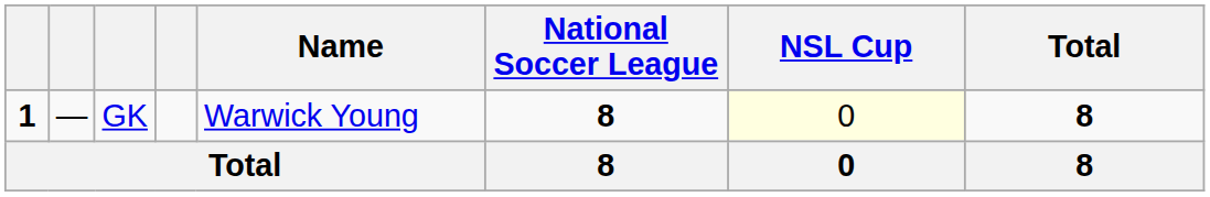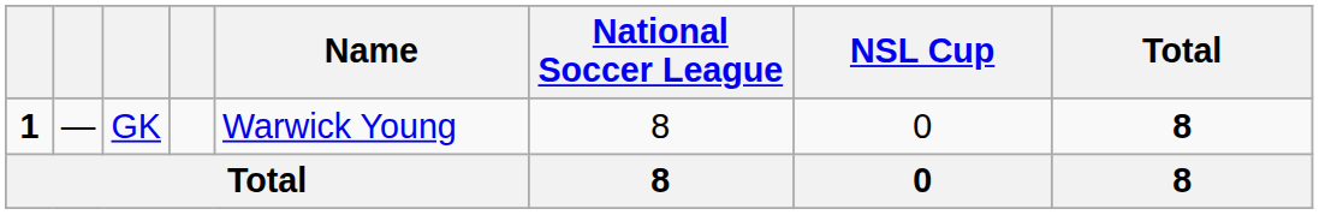 <table class="wikitable" style="text-align:center">
 <tr>
 <th width=15></th>
 <th width=15></th>
 <th width=15></th>
 <th width=15></th>
 <th width=145>Name</th>
 <th width=120><a href='#'>National Soccer League</a></th>
 <th width=120><a href='#'>NSL Cup</a></th>
 <th width=120>Total</th>
 </tr>
 <tr>
 <td><strong>1</strong></td>
 <td>—</td>
 <td><a href='#'>GK</a></td>
 <td></td>
 <td align=left><a href='#'>Warwick Young</a></td>
-<td><strong>8</strong></td>
-<td style="background: lightyellow;">0</td>
+<td>8</td>
+<td>0</td>
 <td><strong>8</strong></td>
 </tr>
 <tr>
 <th colspan="5"><strong>Total</strong></th>
 <th>8</th>
 <th>0</th>
 <th>8</th>
 </tr>
 </table>
